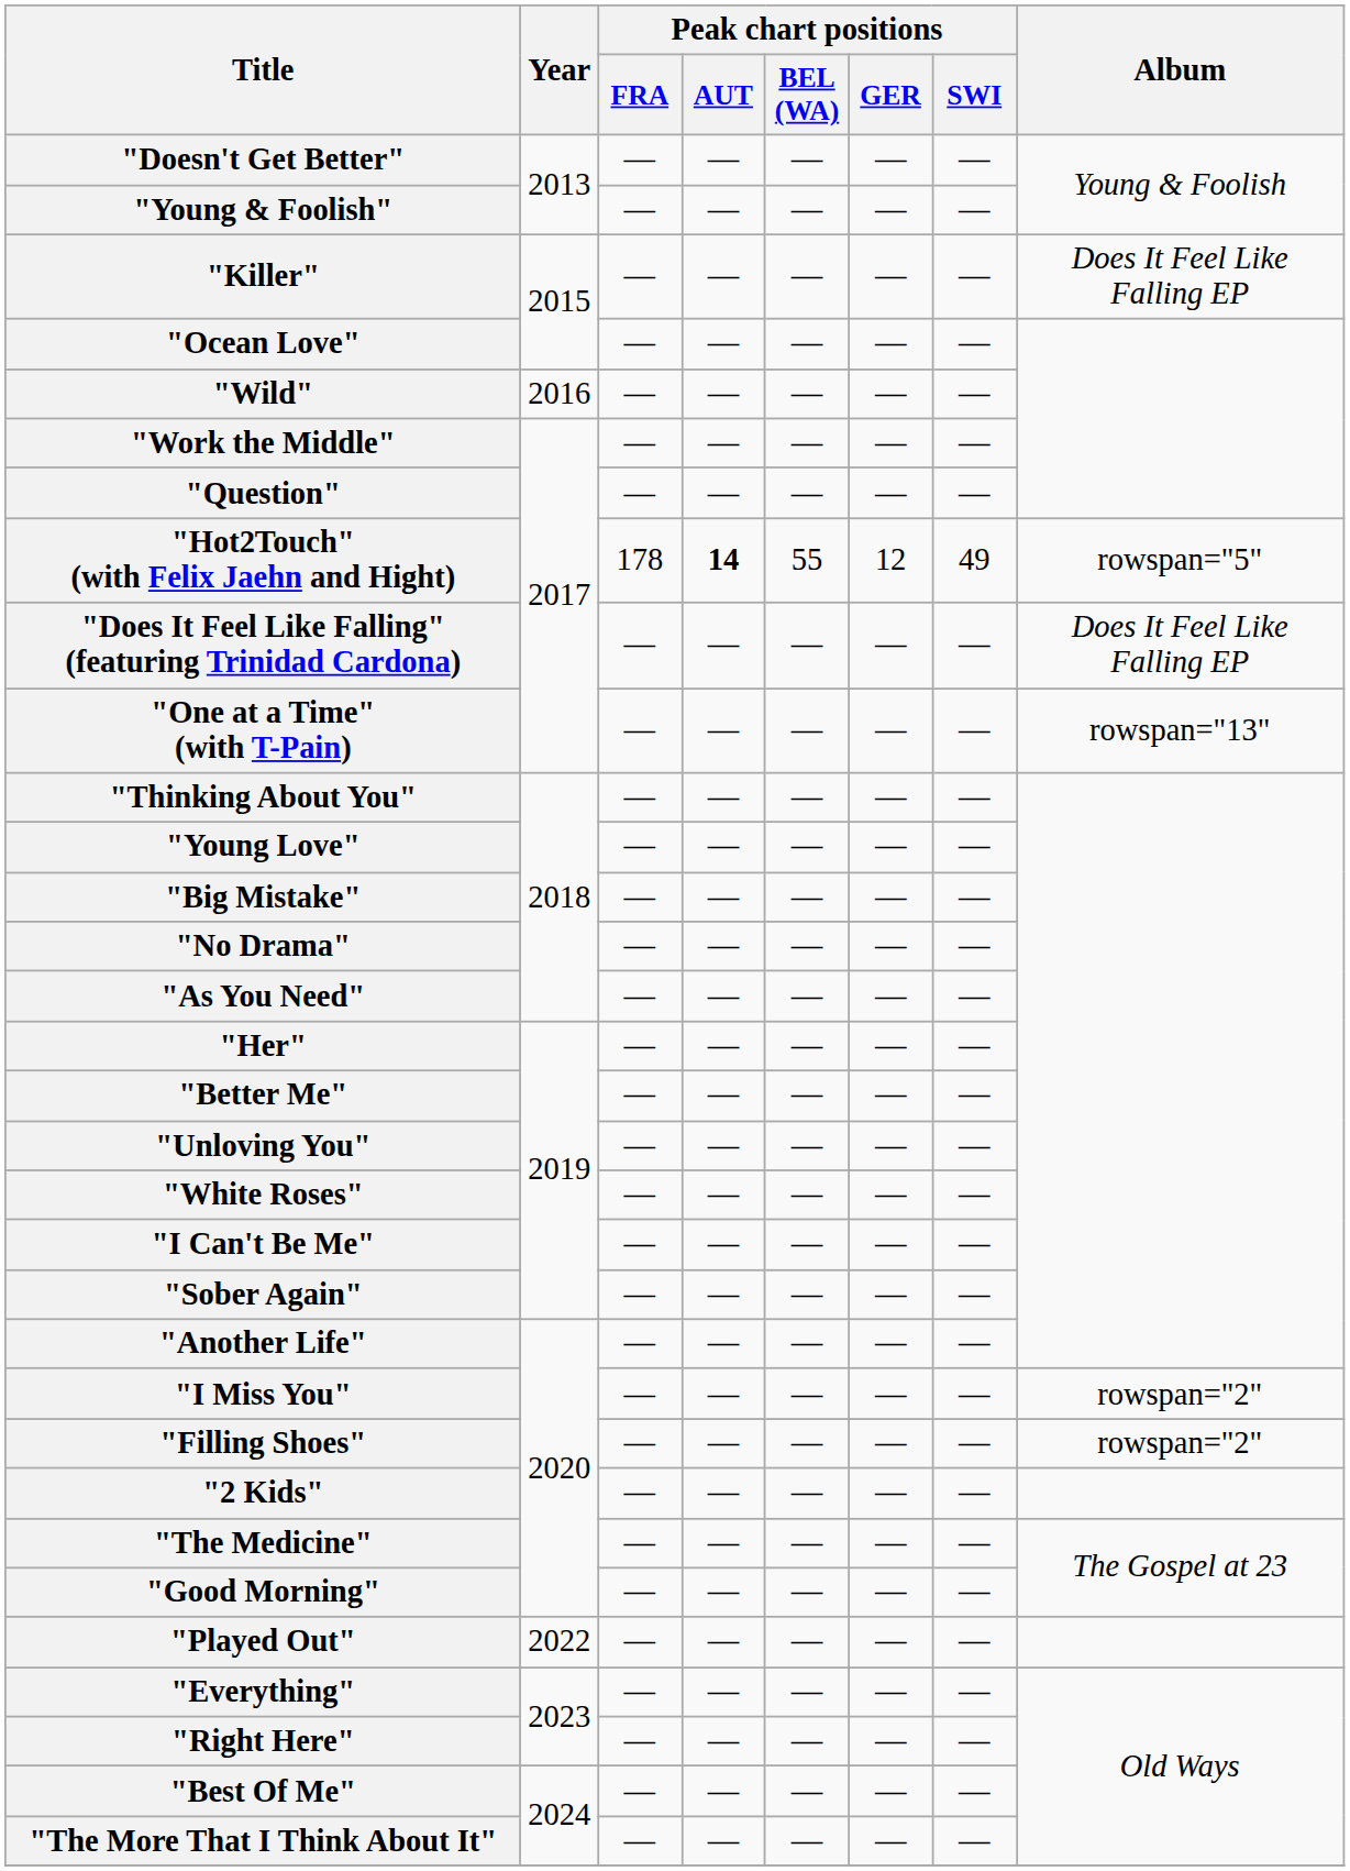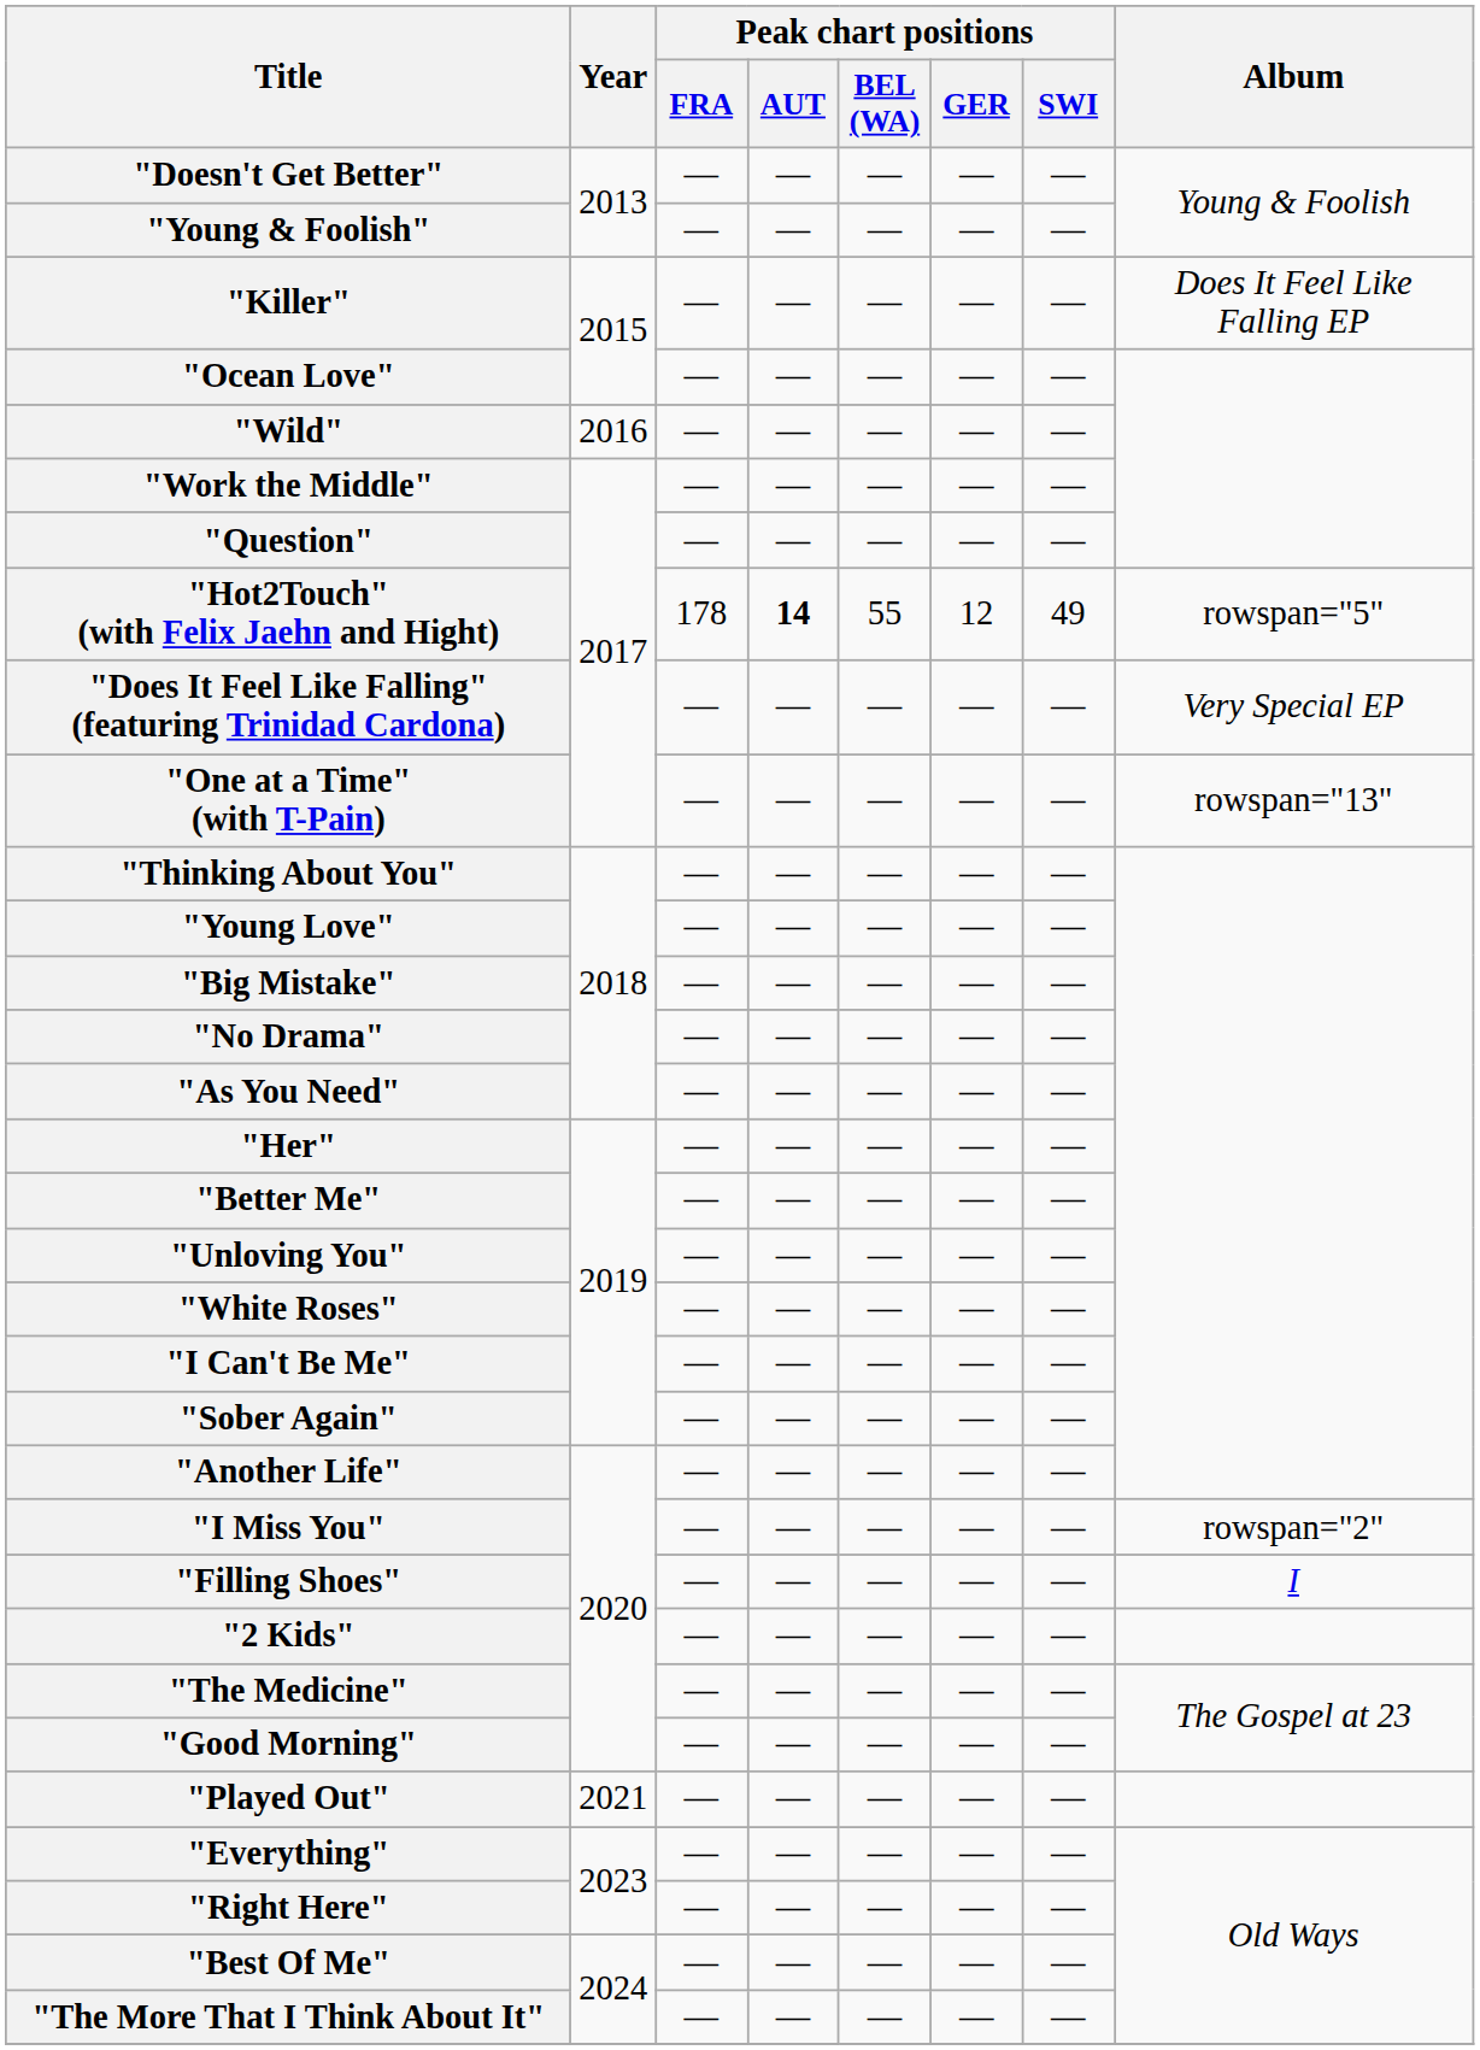 <table class="wikitable plainrowheaders" style="text-align:center;" border="1">
 <tr>
 <th scope="col" rowspan="2" style="width:16em;">Title</th>
 <th scope="col" rowspan="2" style="width:1em;">Year</th>
 <th scope="col" colspan="5">Peak chart positions</th>
 <th scope="col" rowspan="2" style="width:10em;">Album</th>
 </tr>
 <tr>
 <th scope="col" style="width:2.5em;font-size:90%;"><a href='#'>FRA</a></th>
 <th scope="col" style="width:2.5em;font-size:90%;"><a href='#'>AUT</a></th>
 <th scope="col" style="width:2.5em;font-size:90%;"><a href='#'>BEL <br>(WA)</a></th>
 <th scope="col" style="width:2.5em;font-size:90%;"><a href='#'>GER</a></th>
 <th scope="col" style="width:2.5em;font-size:90%;"><a href='#'>SWI</a></th>
 </tr>
 <tr>
 <th scope="row">"Doesn't Get Better"</th>
 <td rowspan="2">2013</td>
 <td>—</td>
 <td>—</td>
 <td>—</td>
 <td>—</td>
 <td>—</td>
 <td rowspan="2"><em>Young & Foolish</em></td>
 </tr>
 <tr>
 <th scope="row">"Young & Foolish"</th>
 <td>—</td>
 <td>—</td>
 <td>—</td>
 <td>—</td>
 <td>—</td>
 </tr>
 <tr>
 <th scope="row">"Killer"</th>
 <td rowspan="2">2015</td>
 <td>—</td>
 <td>—</td>
 <td>—</td>
 <td>—</td>
 <td>—</td>
 <td><em>Does It Feel Like Falling EP</em></td>
 </tr>
 <tr>
 <th scope="row">"Ocean Love"</th>
 <td>—</td>
 <td>—</td>
 <td>—</td>
 <td>—</td>
 <td>—</td>
 </tr>
 <tr>
 <th scope="row">"Wild"</th>
 <td>2016</td>
 <td>—</td>
 <td>—</td>
 <td>—</td>
 <td>—</td>
 <td>—</td>
 </tr>
 <tr>
 <th scope="row">"Work the Middle"</th>
 <td rowspan="5">2017</td>
 <td>—</td>
 <td>—</td>
 <td>—</td>
 <td>—</td>
 <td>—</td>
 </tr>
 <tr>
 <th scope="row">"Question"</th>
 <td>—</td>
 <td>—</td>
 <td>—</td>
 <td>—</td>
 <td>—</td>
 </tr>
 <tr>
 <th scope="row">"Hot2Touch"<br><span>(with <a href='#'>Felix Jaehn</a> and Hight)</span></th>
 <td>178</td>
 <td><strong>14</strong></td>
 <td>55</td>
 <td>12</td>
 <td>49</td>
 <td>rowspan="5" </td>
 </tr>
 <tr>
 <th scope="row">"Does It Feel Like Falling"<br><span>(featuring <a href='#'>Trinidad Cardona</a>)</span></th>
 <td>—</td>
 <td>—</td>
 <td>—</td>
 <td>—</td>
 <td>—</td>
-<td><em>Does It Feel Like Falling EP</em></td>
+<td><em>Very Special EP</em></td>
 </tr>
 <tr>
 <th scope="row">"One at a Time"<br><span>(with <a href='#'>T-Pain</a>)</span></th>
 <td>—</td>
 <td>—</td>
 <td>—</td>
 <td>—</td>
 <td>—</td>
 <td>rowspan="13" </td>
 </tr>
 <tr>
 <th scope="row">"Thinking About You"</th>
 <td rowspan="5">2018</td>
 <td>—</td>
 <td>—</td>
 <td>—</td>
 <td>—</td>
 <td>—</td>
 </tr>
 <tr>
 <th scope="row">"Young Love"</th>
 <td>—</td>
 <td>—</td>
 <td>—</td>
 <td>—</td>
 <td>—</td>
 </tr>
 <tr>
 <th scope="row">"Big Mistake"</th>
 <td>—</td>
 <td>—</td>
 <td>—</td>
 <td>—</td>
 <td>—</td>
 </tr>
 <tr>
 <th scope="row">"No Drama"</th>
 <td>—</td>
 <td>—</td>
 <td>—</td>
 <td>—</td>
 <td>—</td>
 </tr>
 <tr>
 <th scope="row">"As You Need"</th>
 <td>—</td>
 <td>—</td>
 <td>—</td>
 <td>—</td>
 <td>—</td>
 </tr>
 <tr>
 <th scope="row">"Her"</th>
 <td rowspan="6">2019</td>
 <td>—</td>
 <td>—</td>
 <td>—</td>
 <td>—</td>
 <td>—</td>
 </tr>
 <tr>
 <th scope="row">"Better Me"<br></th>
 <td>—</td>
 <td>—</td>
 <td>—</td>
 <td>—</td>
 <td>—</td>
 </tr>
 <tr>
 <th scope="row">"Unloving You"</th>
 <td>—</td>
 <td>—</td>
 <td>—</td>
 <td>—</td>
 <td>—</td>
 </tr>
 <tr>
 <th scope="row">"White Roses"</th>
 <td>—</td>
 <td>—</td>
 <td>—</td>
 <td>—</td>
 <td>—</td>
 </tr>
 <tr>
 <th scope="row">"I Can't Be Me"</th>
 <td>—</td>
 <td>—</td>
 <td>—</td>
 <td>—</td>
 <td>—</td>
 </tr>
 <tr>
 <th scope="row">"Sober Again"</th>
 <td>—</td>
 <td>—</td>
 <td>—</td>
 <td>—</td>
 <td>—</td>
 </tr>
 <tr>
 <th scope="row">"Another Life"<br></th>
 <td rowspan="6">2020</td>
 <td>—</td>
 <td>—</td>
 <td>—</td>
 <td>—</td>
 <td>—</td>
 </tr>
 <tr>
 <th scope="row">"I Miss You"<br></th>
 <td>—</td>
 <td>—</td>
 <td>—</td>
 <td>—</td>
 <td>—</td>
 <td>rowspan="2" </td>
 </tr>
 <tr>
 <th scope="row">"Filling Shoes"</th>
 <td>—</td>
 <td>—</td>
 <td>—</td>
 <td>—</td>
 <td>—</td>
-<td>rowspan="2" </td>
+<td><em><a href='#'>I</a></em></td>
 </tr>
 <tr>
 <th scope="row">"2 Kids"</th>
 <td>—</td>
 <td>—</td>
 <td>—</td>
 <td>—</td>
 <td>—</td>
 </tr>
 <tr>
 <th scope="row">"The Medicine"<br></th>
 <td>—</td>
 <td>—</td>
 <td>—</td>
 <td>—</td>
 <td>—</td>
 <td rowspan="2"><em>The Gospel at 23</em></td>
 </tr>
 <tr>
 <th scope="row">"Good Morning"</th>
 <td>—</td>
 <td>—</td>
 <td>—</td>
 <td>—</td>
 <td>—</td>
 </tr>
 <tr>
 <th scope="row">"Played Out"<br></th>
-<td>2022</td>
+<td>2021</td>
 <td>—</td>
 <td>—</td>
 <td>—</td>
 <td>—</td>
 <td>—</td>
 <td></td>
 </tr>
 <tr>
 <th scope="row">"Everything"</th>
 <td rowspan="2">2023</td>
 <td>—</td>
 <td>—</td>
 <td>—</td>
 <td>—</td>
 <td>—</td>
 <td rowspan="4"><em>Old Ways</em></td>
 </tr>
 <tr>
 <th scope="row">"Right Here"</th>
 <td>—</td>
 <td>—</td>
 <td>—</td>
 <td>—</td>
 <td>—</td>
 </tr>
 <tr>
 <th scope="row">"Best Of Me"</th>
 <td rowspan="2">2024</td>
 <td>—</td>
 <td>—</td>
 <td>—</td>
 <td>—</td>
 <td>—</td>
 </tr>
 <tr>
 <th scope="row">"The More That I Think About It"<br></th>
 <td>—</td>
 <td>—</td>
 <td>—</td>
 <td>—</td>
 <td>—</td>
 </tr>
 <tr>
 </tr>
 </table>
